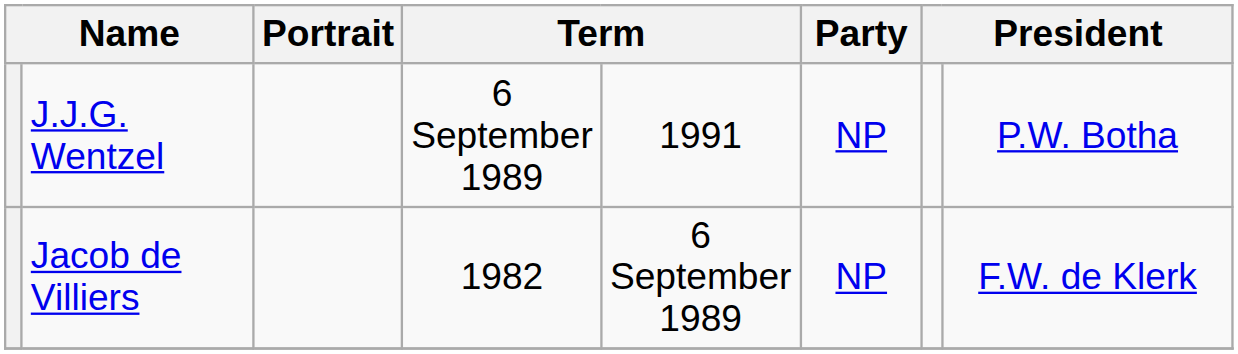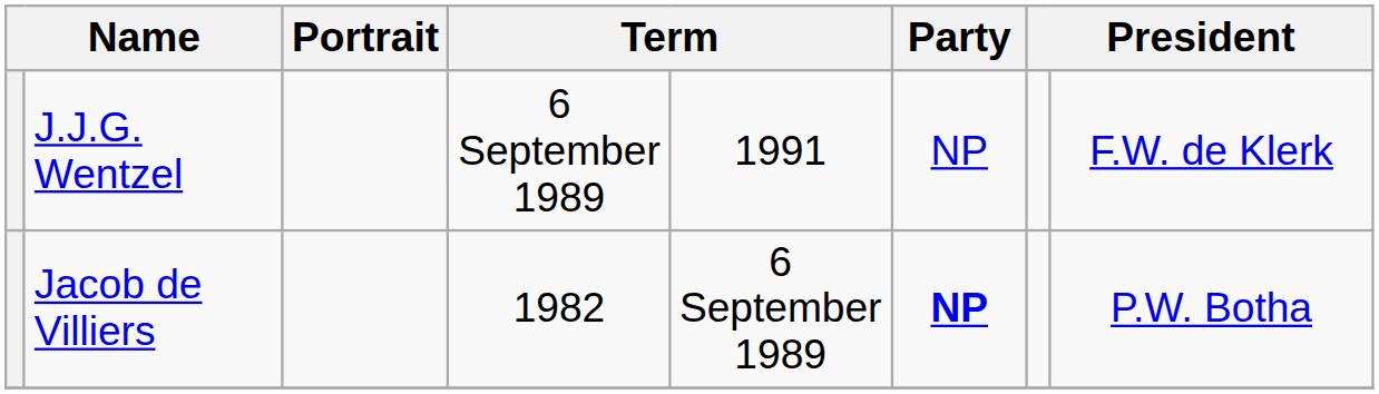 <table class="wikitable" width=60%>
 <tr>
 <th colspan=2 width=20%>Name</th>
 <th width=75>Portrait</th>
 <th colspan=2 width=30%>Term</th>
 <th width=10%>Party</th>
 <th colspan=2 width=25%>President </th>
 </tr>
 <tr style="text-align:center">
 <th style="width:1%;background-color: "></th>
 <td align=left><a href='#'>J.J.G. Wentzel</a></td>
 <td></td>
 <td>6 September 1989</td>
 <td>1991</td>
 <td><a href='#'>NP</a></td>
 <td style="width:1%;background-color: "></td>
-<td><a href='#'>P.W. Botha</a><br> </td>
+<td><a href='#'>F.W. de Klerk</a><br> </td>
 </tr>
 <tr style="text-align:center">
 <th style="width:1%;background-color: "></th>
 <td align=left><a href='#'>Jacob de Villiers</a></td>
 <td></td>
 <td>1982</td>
 <td>6 September 1989</td>
-<td><a href='#'>NP</a></td>
+<td><strong><a href='#'>NP</a></strong></td>
 <td style="width:1%;background-color: "></td>
-<td><a href='#'>F.W. de Klerk</a><br> </td>
+<td><a href='#'>P.W. Botha</a><br> </td>
 </tr>
 <tr>
 </tr>
 </table>
